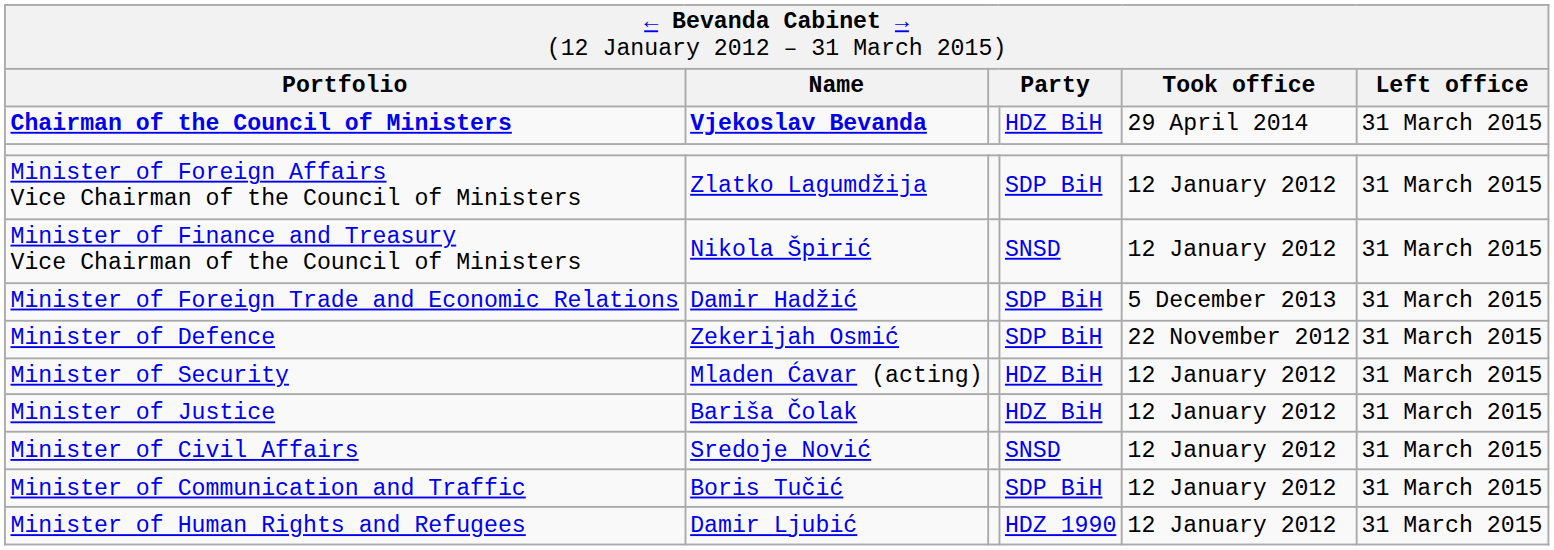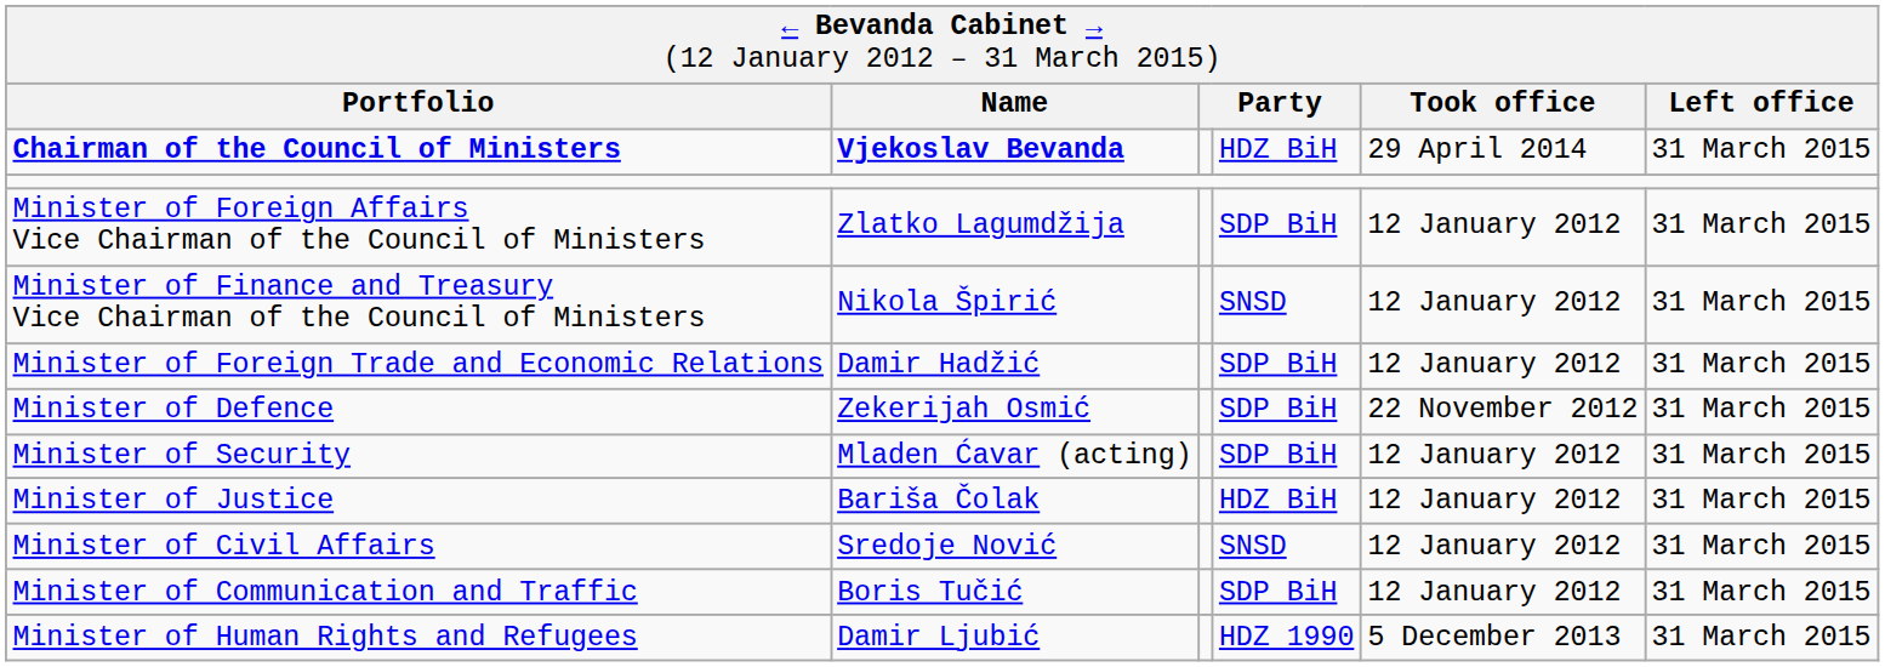 <table class="wikitable" style="font-size:95%;">
 <tr>
 <td colspan="7" bgcolor="#F2F2F2" align="center"><a href='#'>←</a> <strong>Bevanda Cabinet</strong> <a href='#'>→</a> <br> (12 January 2012 – 31 March 2015)</td>
 </tr>
 <tr>
 <th>Portfolio</th>
 <th>Name</th>
 <th colspan="2">Party</th>
 <th>Took office</th>
 <th>Left office</th>
 </tr>
 <tr>
 <td><strong><a href='#'>Chairman of the Council of Ministers</a></strong></td>
 <td><strong><a href='#'>Vjekoslav Bevanda</a></strong></td>
 <td style="background-color:"></td>
 <td><a href='#'>HDZ BiH</a></td>
 <td>29 April 2014</td>
 <td>31 March 2015</td>
 </tr>
 <tr>
 <td colspan="7"></td>
 </tr>
 <tr>
 <td><a href='#'>Minister of Foreign Affairs</a> <br> Vice Chairman of the Council of Ministers</td>
 <td><a href='#'>Zlatko Lagumdžija</a></td>
 <td style="background-color:"></td>
 <td><a href='#'>SDP BiH</a></td>
 <td>12 January 2012</td>
 <td>31 March 2015</td>
 </tr>
 <tr>
 <td><a href='#'>Minister of Finance and Treasury</a> <br> Vice Chairman of the Council of Ministers</td>
 <td><a href='#'>Nikola Špirić</a></td>
 <td style="background-color:"></td>
 <td><a href='#'>SNSD</a></td>
 <td>12 January 2012</td>
 <td>31 March 2015</td>
 </tr>
 <tr>
 <td><a href='#'>Minister of Foreign Trade and Economic Relations</a></td>
 <td><a href='#'>Damir Hadžić</a></td>
 <td style="background-color:"></td>
 <td><a href='#'>SDP BiH</a></td>
-<td>5 December 2013</td>
+<td>12 January 2012</td>
 <td>31 March 2015</td>
 </tr>
 <tr>
 <td><a href='#'>Minister of Defence</a></td>
 <td><a href='#'>Zekerijah Osmić</a></td>
 <td style="background-color:"></td>
 <td><a href='#'>SDP BiH</a></td>
 <td>22 November 2012</td>
 <td>31 March 2015</td>
 </tr>
 <tr>
 <td><a href='#'>Minister of Security</a></td>
 <td><a href='#'>Mladen Ćavar</a> (acting)</td>
 <td style="background-color:"></td>
-<td><a href='#'>HDZ BiH</a></td>
+<td><a href='#'>SDP BiH</a></td>
 <td>12 January 2012</td>
 <td>31 March 2015</td>
 </tr>
 <tr>
 <td><a href='#'>Minister of Justice</a></td>
 <td><a href='#'>Bariša Čolak</a></td>
 <td style="background-color:"></td>
 <td><a href='#'>HDZ BiH</a></td>
 <td>12 January 2012</td>
 <td>31 March 2015</td>
 </tr>
 <tr>
 <td><a href='#'>Minister of Civil Affairs</a></td>
 <td><a href='#'>Sredoje Nović</a></td>
 <td style="background-color:"></td>
 <td><a href='#'>SNSD</a></td>
 <td>12 January 2012</td>
 <td>31 March 2015</td>
 </tr>
 <tr>
 <td><a href='#'>Minister of Communication and Traffic</a></td>
 <td><a href='#'>Boris Tučić</a></td>
 <td style="background-color:"></td>
 <td><a href='#'>SDP BiH</a></td>
 <td>12 January 2012</td>
 <td>31 March 2015</td>
 </tr>
 <tr>
 <td><a href='#'>Minister of Human Rights and Refugees</a></td>
 <td><a href='#'>Damir Ljubić</a></td>
 <td style="background-color:"></td>
 <td><a href='#'>HDZ 1990</a></td>
-<td>12 January 2012</td>
+<td>5 December 2013</td>
 <td>31 March 2015</td>
 </tr>
 </table>
